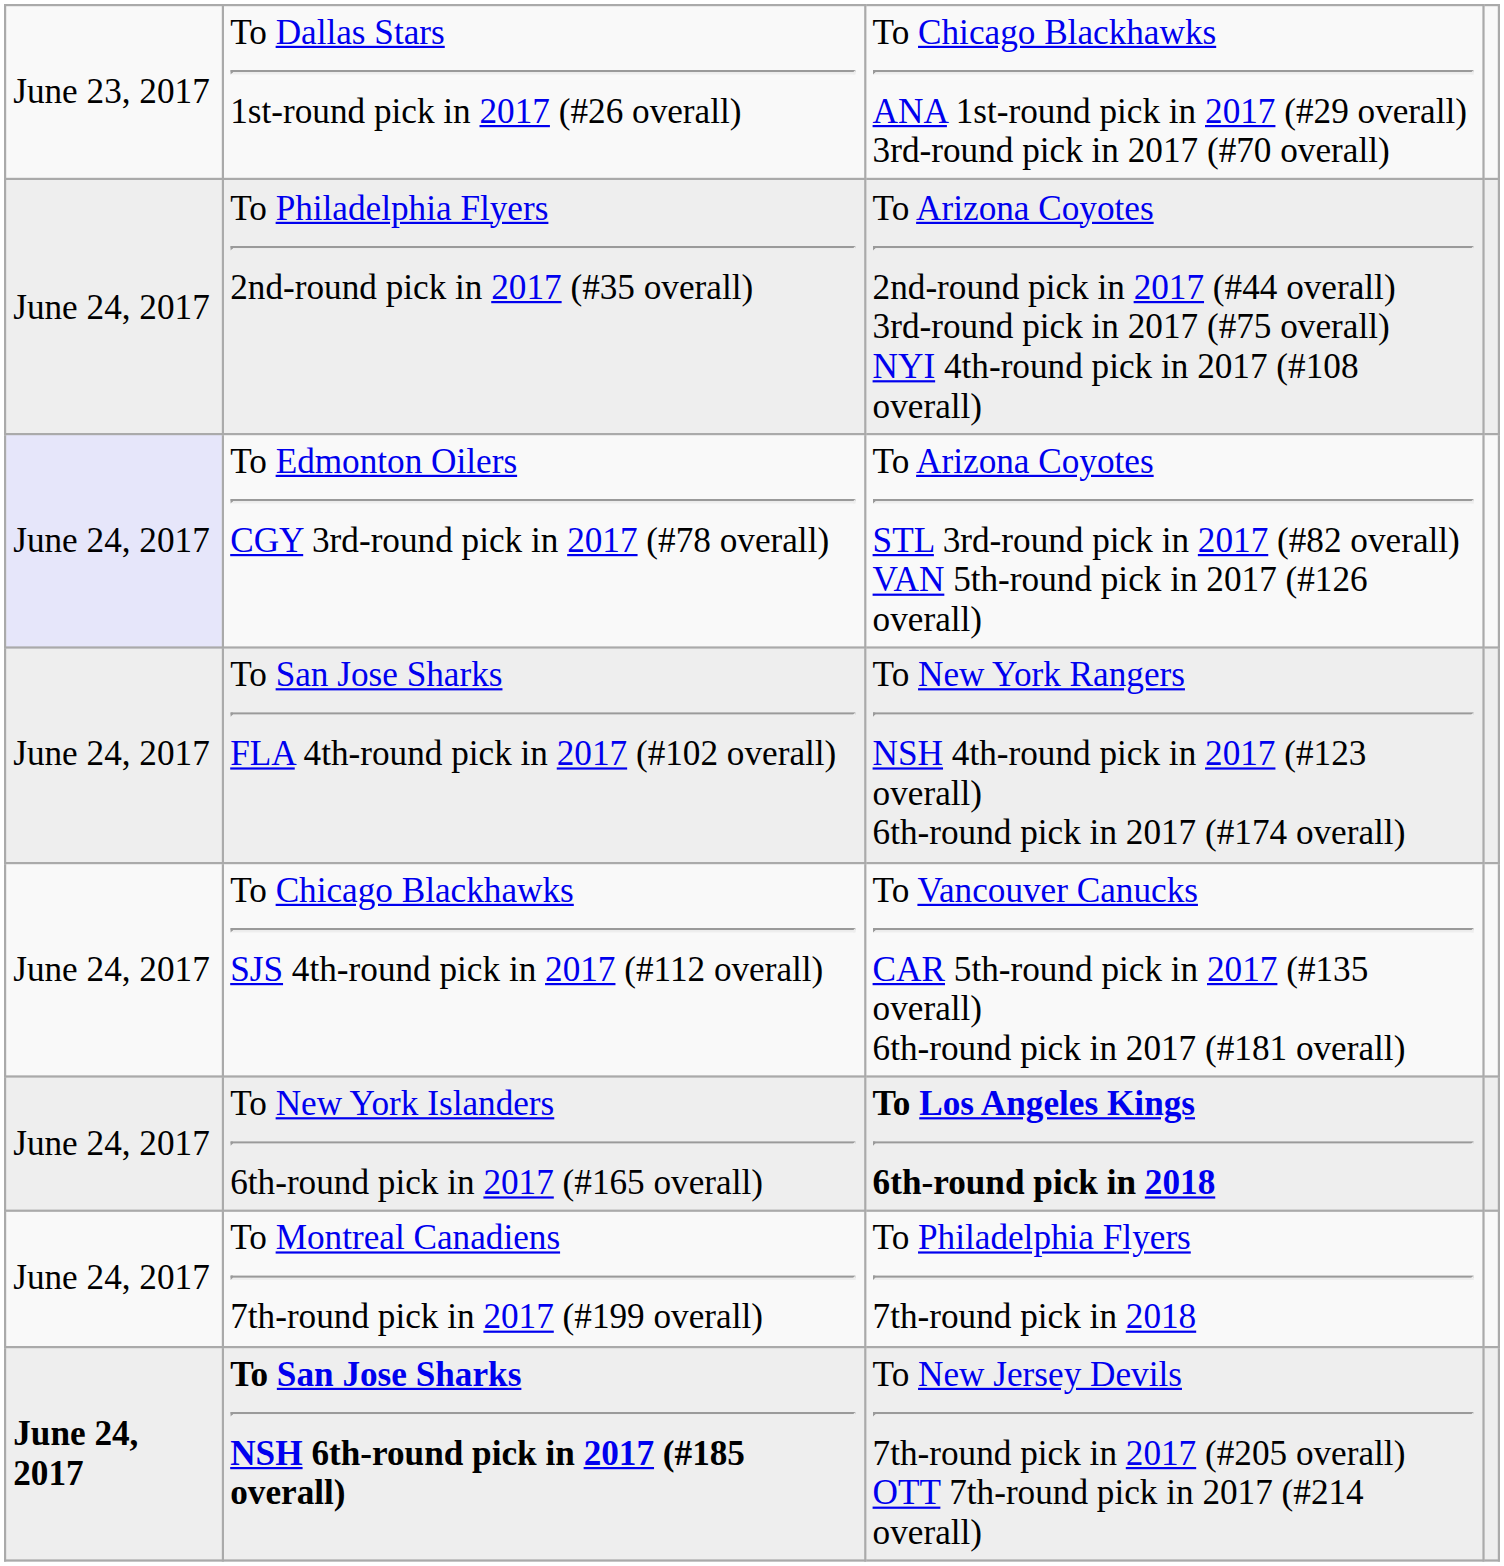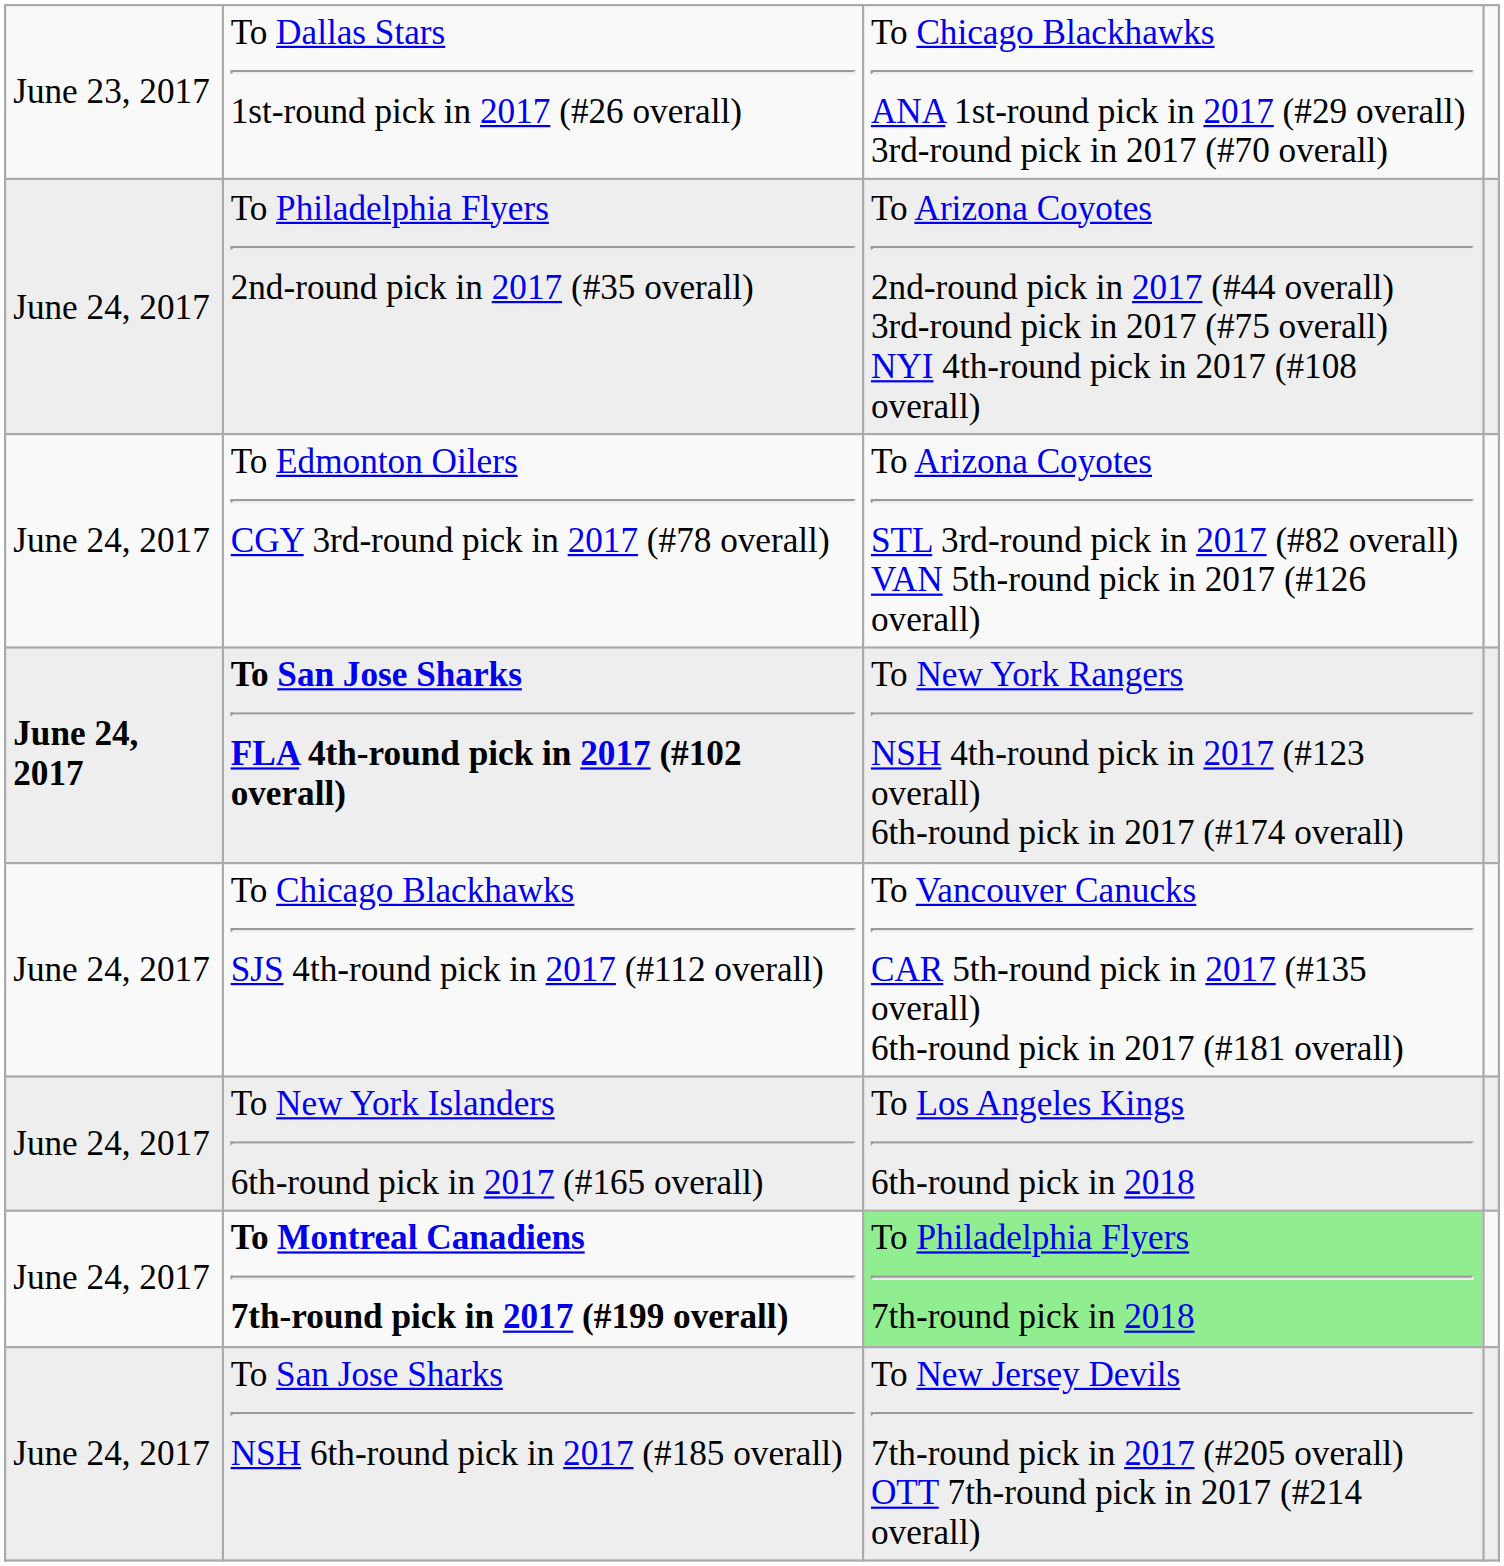 <table class="wikitable" style="border:1px solid #999999; width:680px;">
 <tr>
 <td>June 23, 2017</td>
 <td valign="top">To <a href='#'>Dallas Stars</a><hr>1st-round pick in <a href='#'>2017</a> (#26 overall)</td>
 <td valign="top">To <a href='#'>Chicago Blackhawks</a><hr><a href='#'>ANA</a> 1st-round pick in <a href='#'>2017</a> (#29 overall)<br>3rd-round pick in 2017 (#70 overall)</td>
 <td></td>
 </tr>
 <tr bgcolor="eeeeee">
 <td>June 24, 2017</td>
 <td valign="top">To <a href='#'>Philadelphia Flyers</a><hr>2nd-round pick in <a href='#'>2017</a> (#35 overall)</td>
 <td valign="top">To <a href='#'>Arizona Coyotes</a><hr>2nd-round pick in <a href='#'>2017</a> (#44 overall)<br>3rd-round pick in 2017 (#75 overall)<br><a href='#'>NYI</a> 4th-round pick in 2017 (#108 overall)</td>
 <td></td>
 </tr>
 <tr>
-<td style="background: lavender;">June 24, 2017</td>
+<td>June 24, 2017</td>
 <td valign="top">To <a href='#'>Edmonton Oilers</a><hr><a href='#'>CGY</a> 3rd-round pick in <a href='#'>2017</a> (#78 overall)</td>
 <td valign="top">To <a href='#'>Arizona Coyotes</a><hr><a href='#'>STL</a> 3rd-round pick in <a href='#'>2017</a> (#82 overall)<br><a href='#'>VAN</a> 5th-round pick in 2017 (#126 overall)</td>
 <td></td>
 </tr>
 <tr bgcolor="eeeeee">
-<td>June 24, 2017</td>
-<td valign="top">To <a href='#'>San Jose Sharks</a><hr><a href='#'>FLA</a> 4th-round pick in <a href='#'>2017</a> (#102 overall)</td>
+<td><strong>June 24, 2017</strong></td>
+<td valign="top"><strong>To <a href='#'>San Jose Sharks</a><hr><a href='#'>FLA</a> 4th-round pick in <a href='#'>2017</a> (#102 overall)</strong></td>
 <td valign="top">To <a href='#'>New York Rangers</a><hr><a href='#'>NSH</a> 4th-round pick in <a href='#'>2017</a> (#123 overall)<br>6th-round pick in 2017 (#174 overall)</td>
 <td></td>
 </tr>
 <tr>
 <td>June 24, 2017</td>
 <td valign="top">To <a href='#'>Chicago Blackhawks</a><hr><a href='#'>SJS</a> 4th-round pick in <a href='#'>2017</a> (#112 overall)</td>
 <td valign="top">To <a href='#'>Vancouver Canucks</a><hr><a href='#'>CAR</a> 5th-round pick in <a href='#'>2017</a> (#135 overall)<br>6th-round pick in 2017 (#181 overall)</td>
 <td></td>
 </tr>
 <tr bgcolor="eeeeee">
 <td>June 24, 2017</td>
 <td valign="top">To <a href='#'>New York Islanders</a><hr>6th-round pick in <a href='#'>2017</a> (#165 overall)</td>
-<td valign="top"><strong>To <a href='#'>Los Angeles Kings</a><hr>6th-round pick in <a href='#'>2018</a></strong></td>
+<td valign="top">To <a href='#'>Los Angeles Kings</a><hr>6th-round pick in <a href='#'>2018</a></td>
 <td></td>
 </tr>
 <tr>
 <td>June 24, 2017</td>
-<td valign="top">To <a href='#'>Montreal Canadiens</a><hr>7th-round pick in <a href='#'>2017</a> (#199 overall)</td>
-<td valign="top">To <a href='#'>Philadelphia Flyers</a><hr>7th-round pick in <a href='#'>2018</a></td>
+<td valign="top"><strong>To <a href='#'>Montreal Canadiens</a><hr>7th-round pick in <a href='#'>2017</a> (#199 overall)</strong></td>
+<td valign="top" style="background: lightgreen;">To <a href='#'>Philadelphia Flyers</a><hr>7th-round pick in <a href='#'>2018</a></td>
 <td></td>
 </tr>
 <tr bgcolor="eeeeee">
-<td><strong>June 24, 2017</strong></td>
-<td valign="top"><strong>To <a href='#'>San Jose Sharks</a><hr><a href='#'>NSH</a> 6th-round pick in <a href='#'>2017</a> (#185 overall)</strong></td>
+<td>June 24, 2017</td>
+<td valign="top">To <a href='#'>San Jose Sharks</a><hr><a href='#'>NSH</a> 6th-round pick in <a href='#'>2017</a> (#185 overall)</td>
 <td valign="top">To <a href='#'>New Jersey Devils</a><hr>7th-round pick in <a href='#'>2017</a> (#205 overall)<br><a href='#'>OTT</a> 7th-round pick in 2017 (#214 overall)</td>
 <td></td>
 </tr>
 </table>
